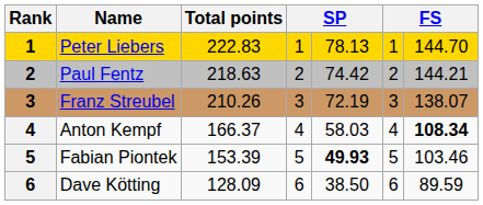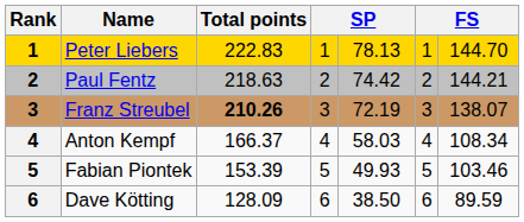 <table class="wikitable sortable">
 <tr>
 <th>Rank</th>
 <th>Name</th>
 <th>Total points</th>
 <th colspan="2" width="80px"><a href='#'>SP</a></th>
 <th colspan="2" width="80px"><a href='#'>FS</a></th>
 </tr>
 <tr bgcolor="gold">
 <td align="center"><strong>1</strong></td>
 <td><a href='#'>Peter Liebers</a></td>
 <td align="center">222.83</td>
 <td align="center">1</td>
 <td align="center">78.13</td>
 <td align="center">1</td>
 <td align="center">144.70</td>
 </tr>
 <tr bgcolor="silver">
 <td align="center"><strong>2</strong></td>
 <td><a href='#'>Paul Fentz</a></td>
 <td align="center">218.63</td>
 <td align="center">2</td>
 <td align="center">74.42</td>
 <td align="center">2</td>
 <td align="center">144.21</td>
 </tr>
 <tr bgcolor="cc9966">
 <td align="center"><strong>3</strong></td>
 <td><a href='#'>Franz Streubel</a></td>
-<td align="center">210.26</td>
+<td align="center"><strong>210.26</strong></td>
 <td align="center">3</td>
 <td align="center">72.19</td>
 <td align="center">3</td>
 <td align="center">138.07</td>
 </tr>
 <tr>
 <th>4</th>
 <td>Anton Kempf</td>
 <td align="center">166.37</td>
 <td align="center">4</td>
 <td align="center">58.03</td>
 <td align="center">4</td>
-<td align="center"><strong>108.34</strong></td>
+<td align="center">108.34</td>
 </tr>
 <tr>
 <th>5</th>
 <td>Fabian Piontek</td>
 <td align="center">153.39</td>
 <td align="center">5</td>
-<td align="center"><strong>49.93</strong></td>
+<td align="center">49.93</td>
 <td align="center">5</td>
 <td align="center">103.46</td>
 </tr>
 <tr>
 <th>6</th>
 <td>Dave Kötting</td>
 <td align="center">128.09</td>
 <td align="center">6</td>
 <td align="center">38.50</td>
 <td align="center">6</td>
 <td align="center">89.59</td>
 </tr>
 </table>
